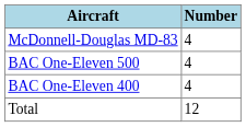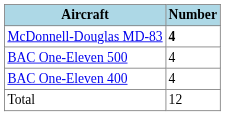 <table class="toccolours" border="1" cellpadding="3" style="border-collapse:collapse">
 <tr bgcolor=lightblue>
 <th>Aircraft</th>
 <th>Number</th>
 </tr>
 <tr>
 <td><a href='#'>McDonnell-Douglas MD-83</a></td>
-<td>4</td>
+<td><strong>4</strong></td>
 </tr>
 <tr>
 <td><a href='#'>BAC One-Eleven 500</a></td>
 <td>4</td>
 </tr>
 <tr>
 <td><a href='#'>BAC One-Eleven 400</a></td>
 <td>4</td>
 </tr>
 <tr>
 <td>Total</td>
 <td>12</td>
 </tr>
 </table>
